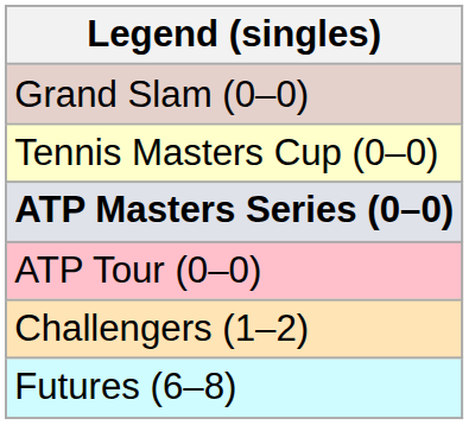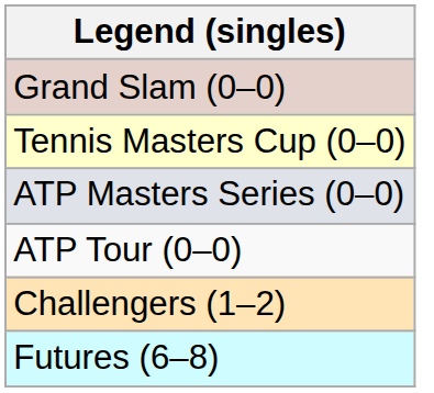 <table class="wikitable">
 <tr>
 <th>Legend (singles)</th>
 </tr>
 <tr bgcolor="#e5d1cb">
 <td>Grand Slam (0–0)</td>
 </tr>
 <tr bgcolor="ffffcc">
 <td>Tennis Masters Cup (0–0)</td>
 </tr>
 <tr bgcolor="#dfe2e9">
-<td><strong>ATP Masters Series (0–0)</strong></td>
+<td>ATP Masters Series (0–0)</td>
 </tr>
 <tr>
-<td style="background: pink;">ATP Tour (0–0)</td>
+<td>ATP Tour (0–0)</td>
 </tr>
 <tr bgcolor="moccasin">
 <td>Challengers (1–2)</td>
 </tr>
 <tr bgcolor="CFFCFF">
 <td>Futures (6–8)</td>
 </tr>
 </table>
